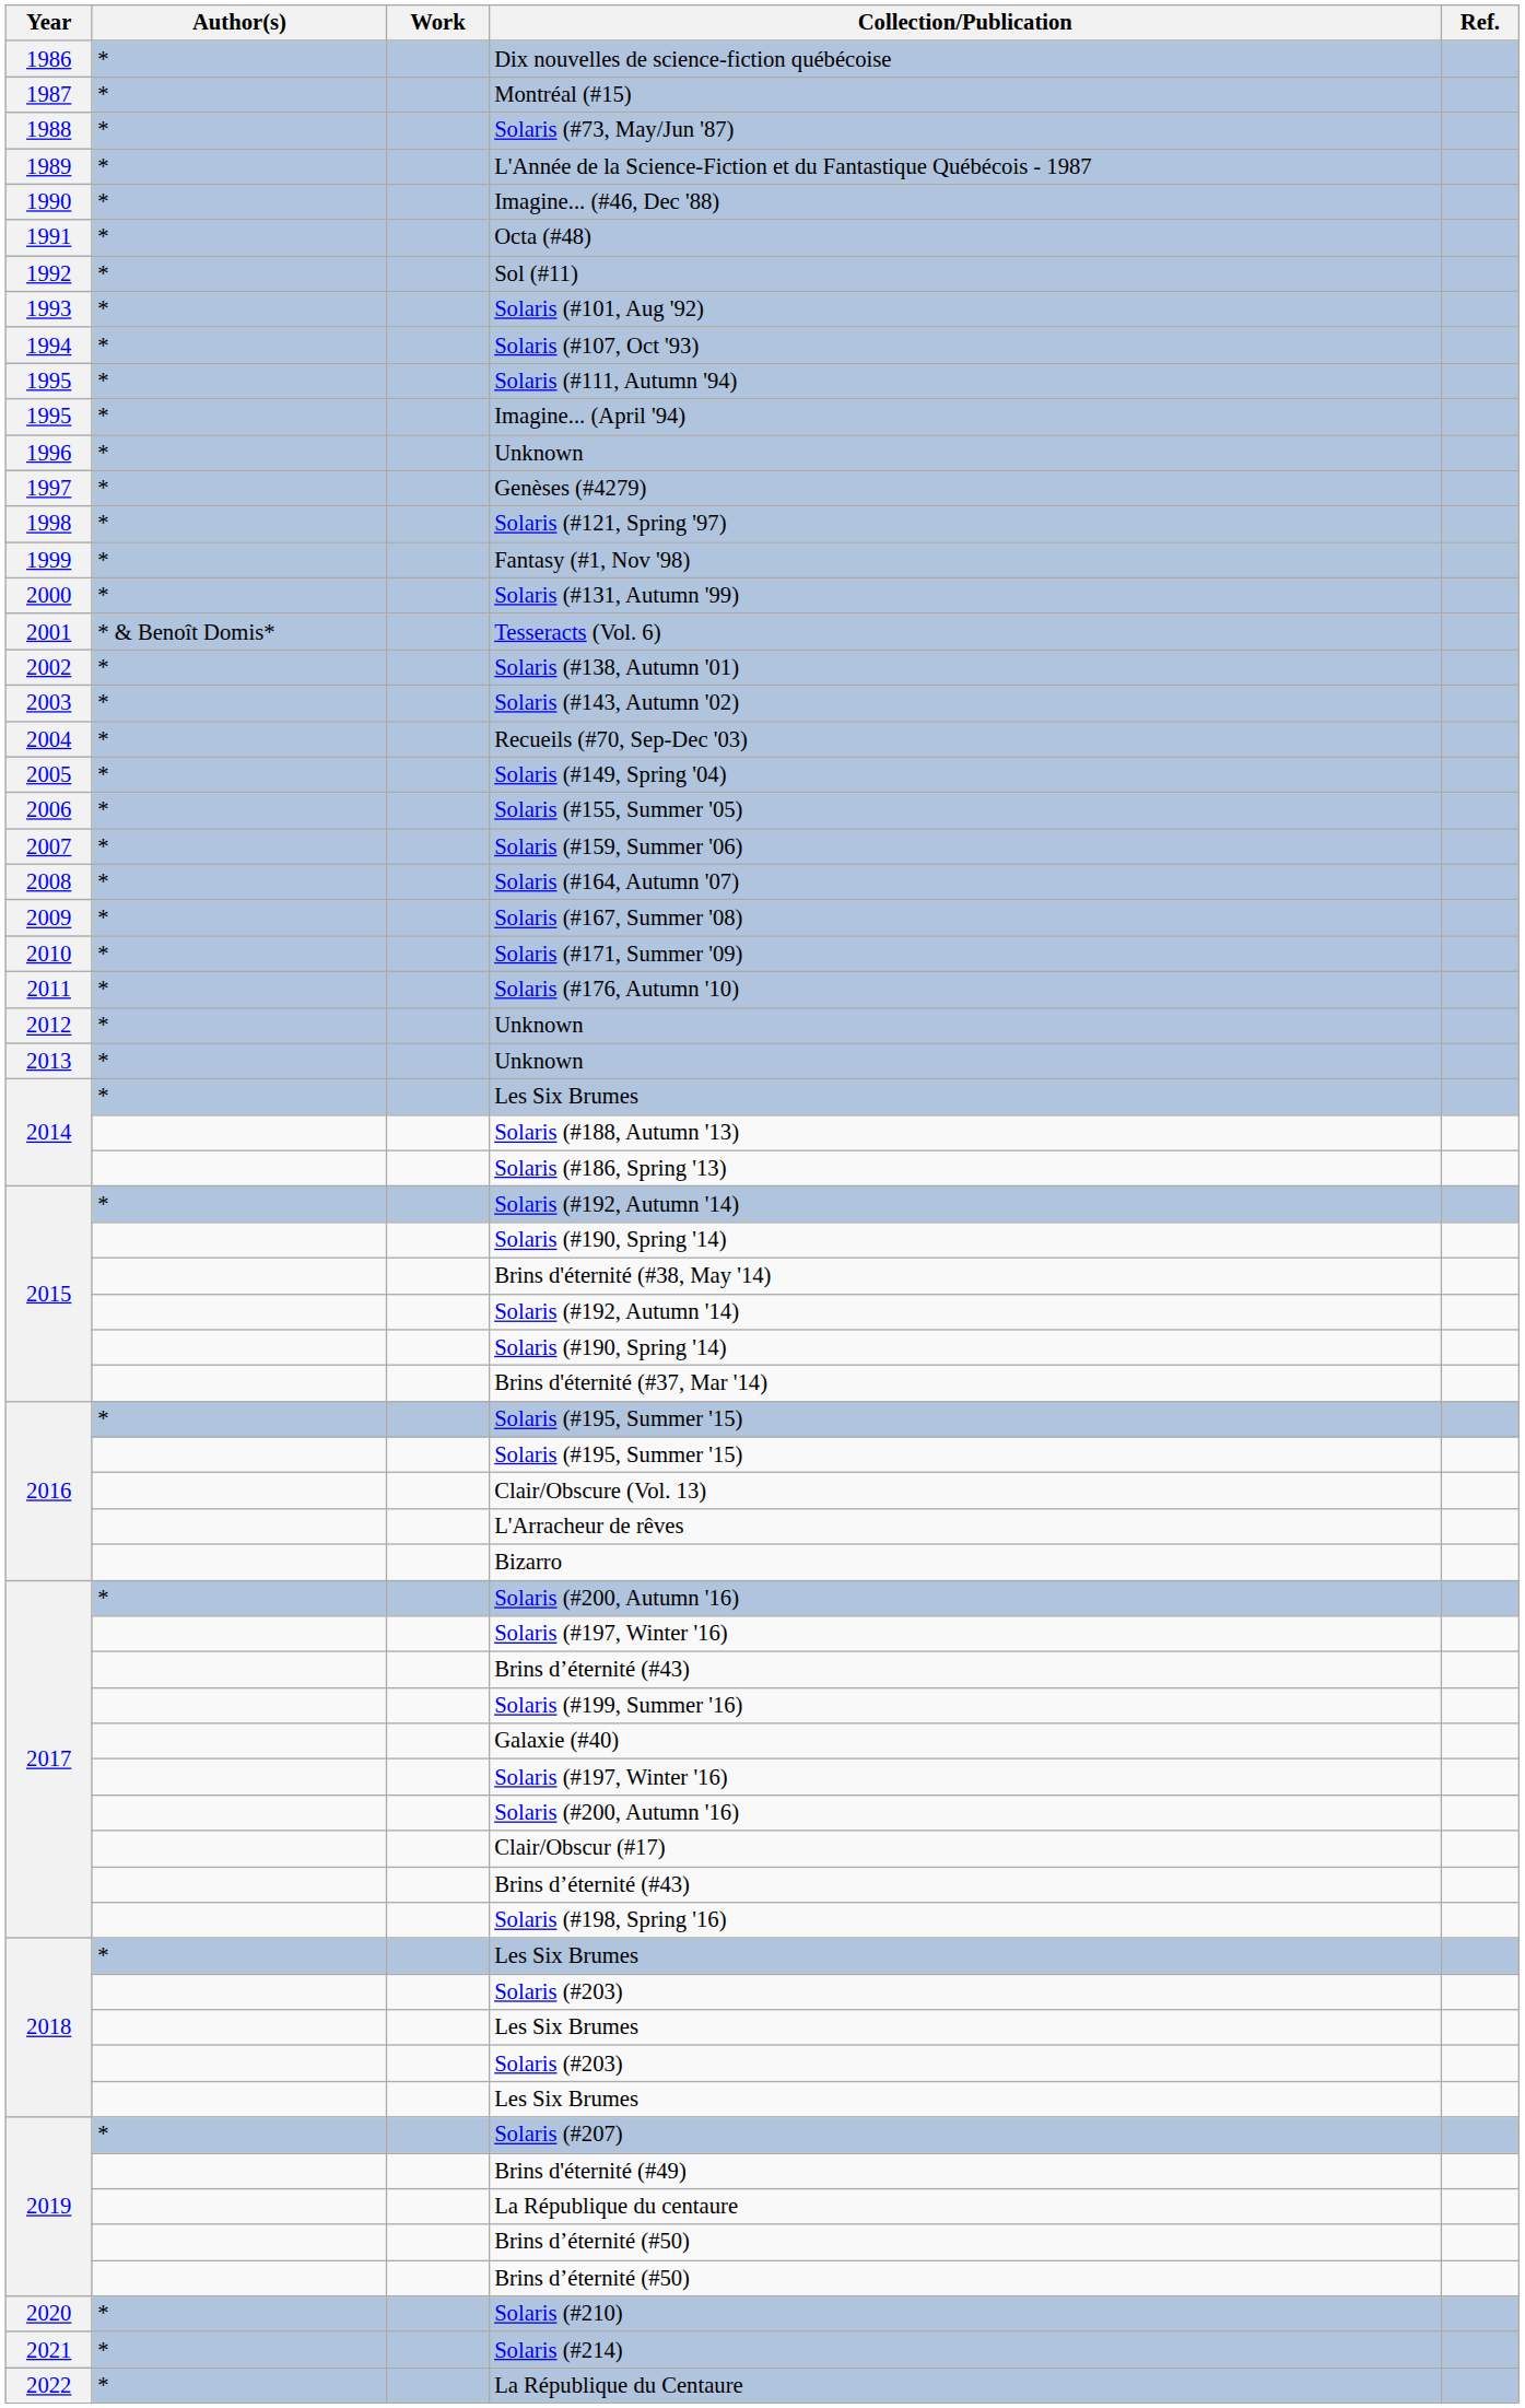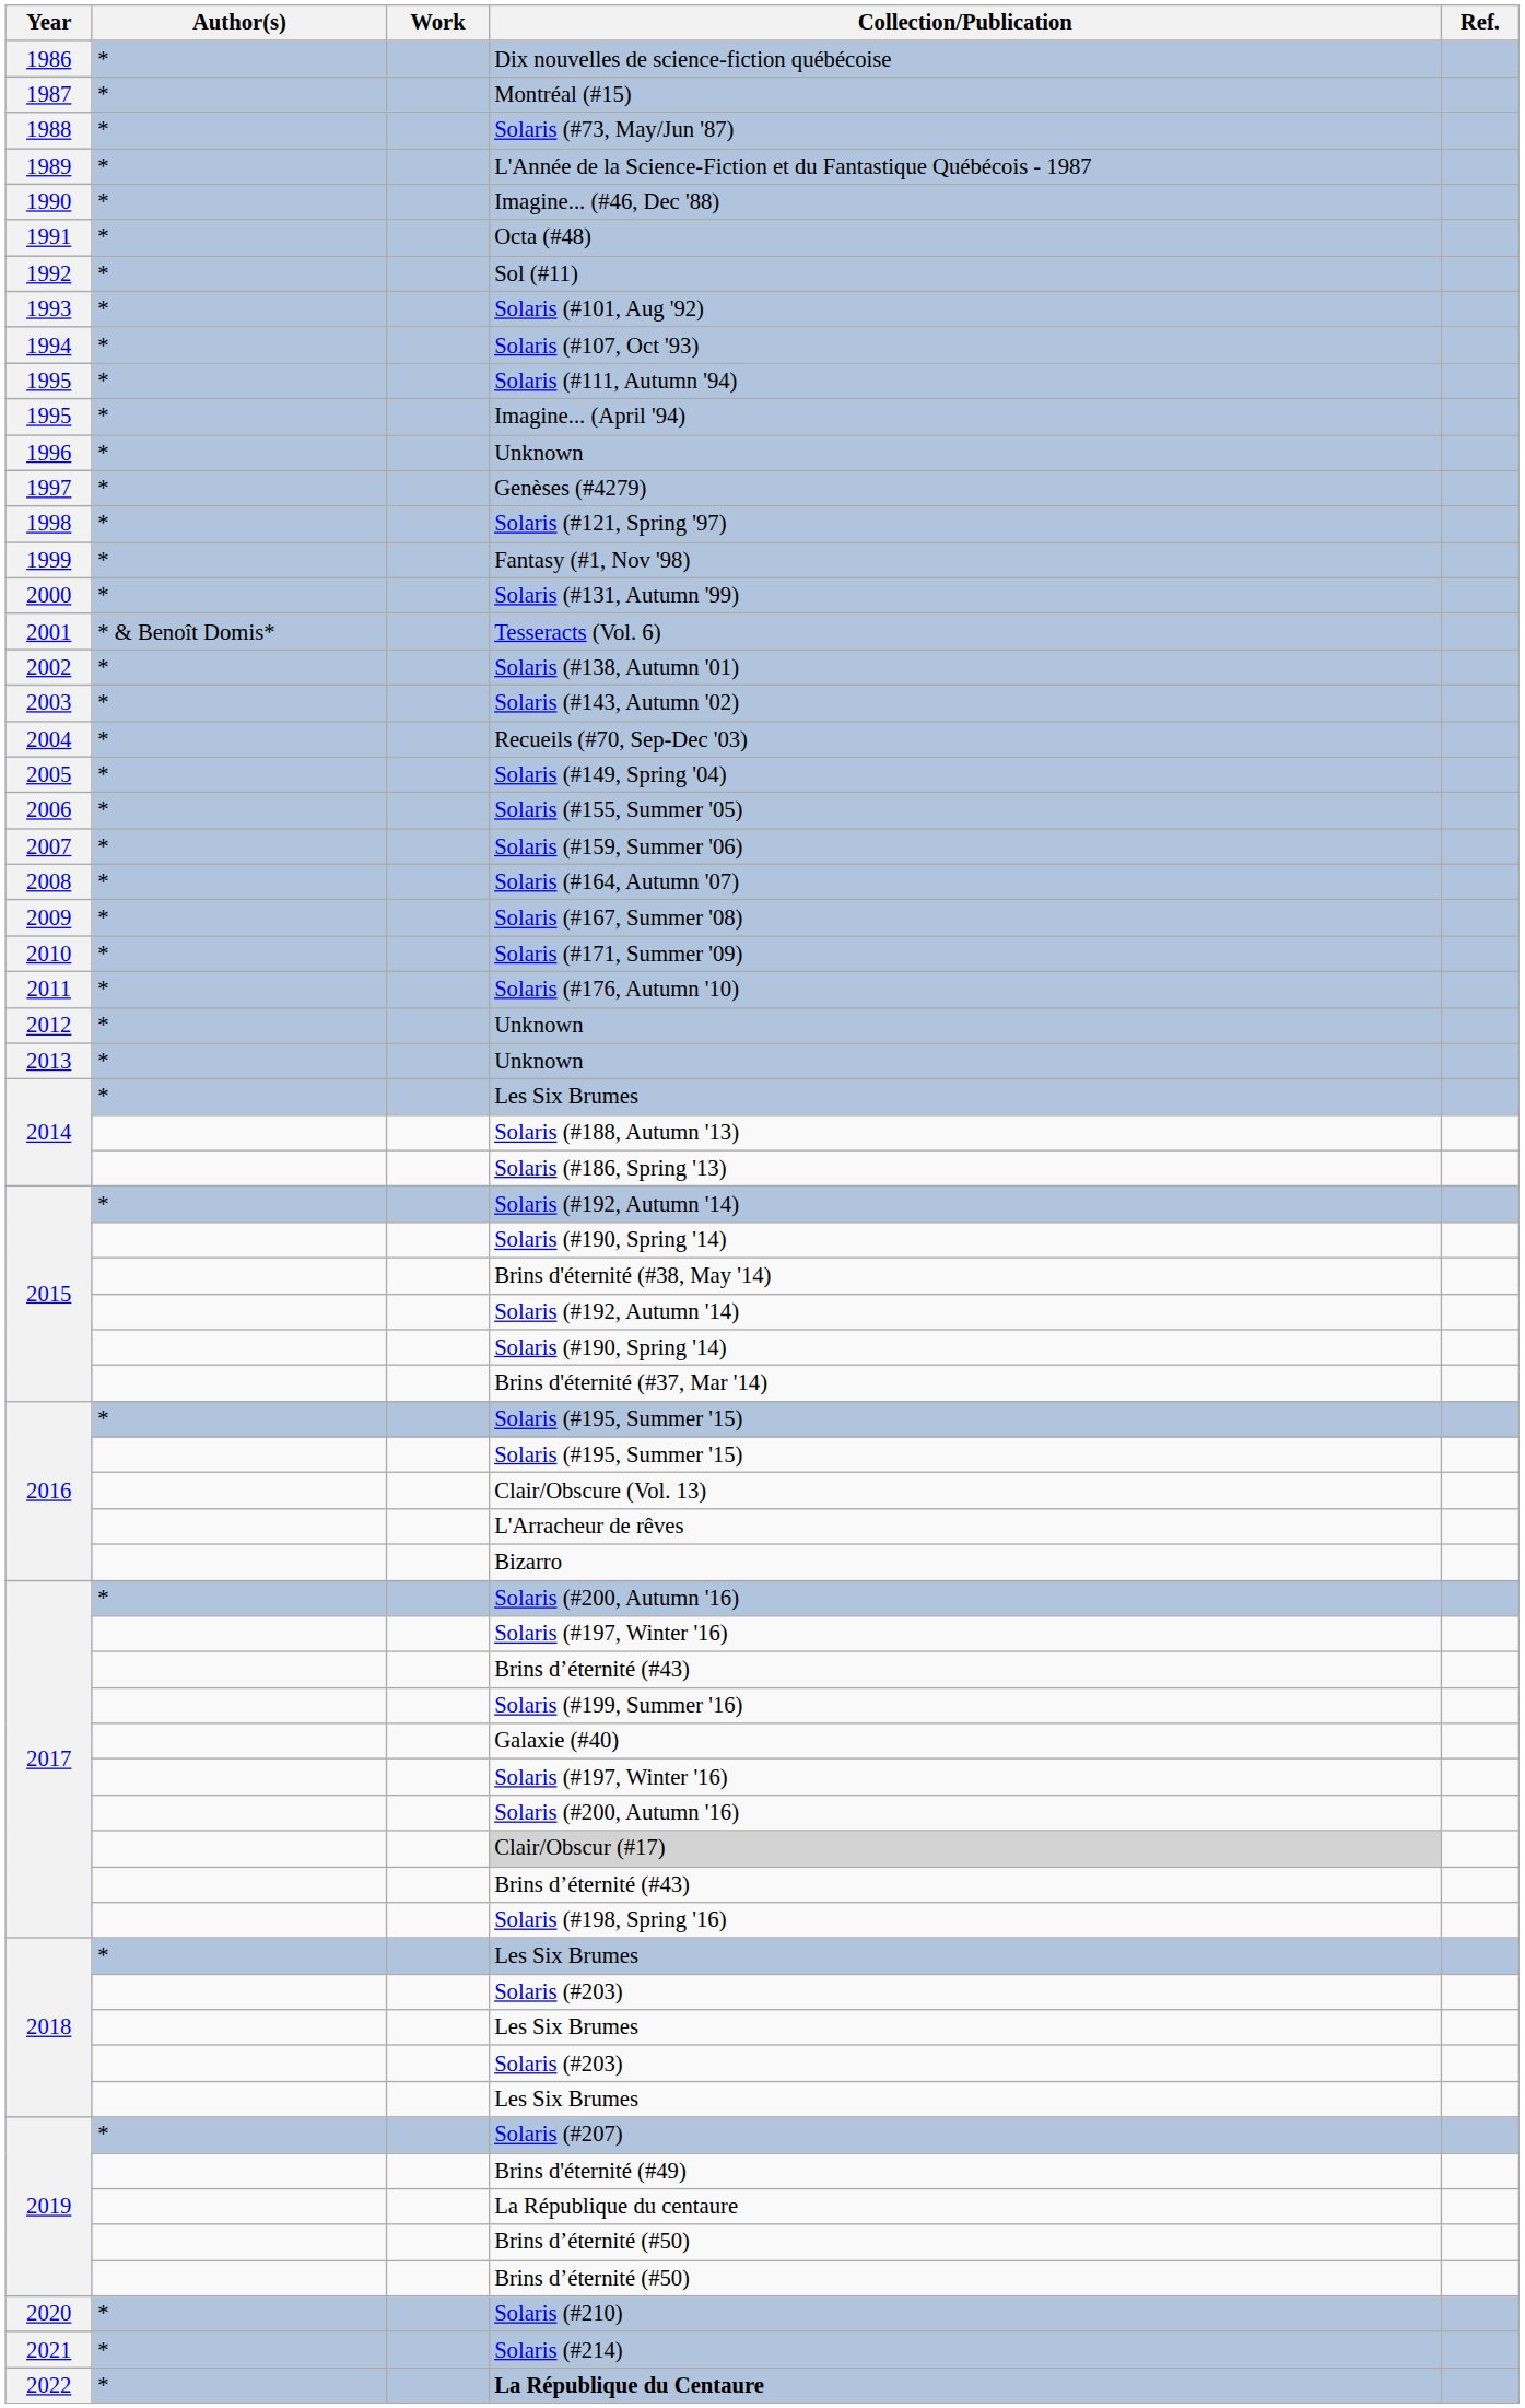 <table class="sortable wikitable" width="85%" cellpadding="5" style="margin: 1em auto 1em auto">
 <tr>
 <th scope="col">Year</th>
 <th scope="col">Author(s)</th>
 <th scope="col">Work</th>
 <th scope="col">Collection/Publication</th>
 <th class="unsortable">Ref.</th>
 </tr>
 <tr style="background:#B0C4DE;">
 <th scope="row" align="center" style="font-weight:normal;"><a href='#'>1986</a></th>
 <td>*</td>
 <td></td>
 <td>Dix nouvelles de science-fiction québécoise</td>
 <td align="center"></td>
 </tr>
 <tr style="background:#B0C4DE;">
 <th scope="row" align="center" style="font-weight:normal;"><a href='#'>1987</a></th>
 <td>*</td>
 <td></td>
 <td>Montréal (#15)</td>
 <td align="center"></td>
 </tr>
 <tr style="background:#B0C4DE;">
 <th scope="row" align="center" style="font-weight:normal;"><a href='#'>1988</a></th>
 <td>*</td>
 <td></td>
 <td><a href='#'>Solaris</a> (#73, May/Jun '87)</td>
 <td align="center"></td>
 </tr>
 <tr style="background:#B0C4DE;">
 <th scope="row" align="center" style="font-weight:normal;"><a href='#'>1989</a></th>
 <td>*</td>
 <td></td>
 <td>L'Année de la Science-Fiction et du Fantastique Québécois - 1987</td>
 <td align="center"></td>
 </tr>
 <tr style="background:#B0C4DE;">
 <th scope="row" align="center" style="font-weight:normal;"><a href='#'>1990</a></th>
 <td>*</td>
 <td></td>
 <td>Imagine... (#46, Dec '88)</td>
 <td align="center"></td>
 </tr>
 <tr style="background:#B0C4DE;">
 <th scope="row" align="center" style="font-weight:normal;"><a href='#'>1991</a></th>
 <td>*</td>
 <td></td>
 <td>Octa (#48)</td>
 <td align="center"></td>
 </tr>
 <tr style="background:#B0C4DE;">
 <th scope="row" align="center" style="font-weight:normal;"><a href='#'>1992</a></th>
 <td>*</td>
 <td></td>
 <td>Sol (#11)</td>
 <td align="center"></td>
 </tr>
 <tr style="background:#B0C4DE;">
 <th scope="row" align="center" style="font-weight:normal;"><a href='#'>1993</a></th>
 <td>*</td>
 <td></td>
 <td><a href='#'>Solaris</a> (#101, Aug '92)</td>
 <td align="center"></td>
 </tr>
 <tr style="background:#B0C4DE;">
 <th scope="row" align="center" style="font-weight:normal;"><a href='#'>1994</a></th>
 <td>*</td>
 <td></td>
 <td><a href='#'>Solaris</a> (#107, Oct '93)</td>
 <td align="center"></td>
 </tr>
 <tr style="background:#B0C4DE;">
 <th scope="row" align="center" style="font-weight:normal;"><a href='#'>1995</a></th>
 <td>*</td>
 <td></td>
 <td><a href='#'>Solaris</a> (#111, Autumn '94)</td>
 <td align="center"></td>
 </tr>
 <tr style="background:#B0C4DE;">
 <th scope="row" align="center" style="font-weight:normal;"><a href='#'>1995</a></th>
 <td>*</td>
 <td></td>
 <td>Imagine... (April '94)</td>
 <td align="center"></td>
 </tr>
 <tr style="background:#B0C4DE;">
 <th scope="row" align="center" style="font-weight:normal;"><a href='#'>1996</a></th>
 <td>*</td>
 <td></td>
 <td>Unknown</td>
 <td align="center"></td>
 </tr>
 <tr style="background:#B0C4DE;">
 <th scope="row" align="center" style="font-weight:normal;"><a href='#'>1997</a></th>
 <td>*</td>
 <td></td>
 <td>Genèses (#4279)</td>
 <td align="center"></td>
 </tr>
 <tr style="background:#B0C4DE;">
 <th scope="row" align="center" style="font-weight:normal;"><a href='#'>1998</a></th>
 <td>*</td>
 <td></td>
 <td><a href='#'>Solaris</a> (#121, Spring '97)</td>
 <td align="center"></td>
 </tr>
 <tr style="background:#B0C4DE;">
 <th scope="row" align="center" style="font-weight:normal;"><a href='#'>1999</a></th>
 <td>*</td>
 <td></td>
 <td>Fantasy (#1, Nov '98)</td>
 <td align="center"></td>
 </tr>
 <tr style="background:#B0C4DE;">
 <th scope="row" align="center" style="font-weight:normal;"><a href='#'>2000</a></th>
 <td>*</td>
 <td></td>
 <td><a href='#'>Solaris</a> (#131, Autumn '99)</td>
 <td align="center"></td>
 </tr>
 <tr style="background:#B0C4DE;">
 <th scope="row" align="center" style="font-weight:normal;"><a href='#'>2001</a></th>
 <td>* & Benoît Domis*</td>
 <td></td>
 <td><a href='#'>Tesseracts</a> (Vol. 6)</td>
 <td align="center"></td>
 </tr>
 <tr style="background:#B0C4DE;">
 <th scope="row" align="center" style="font-weight:normal;"><a href='#'>2002</a></th>
 <td>*</td>
 <td></td>
 <td><a href='#'>Solaris</a> (#138, Autumn '01)</td>
 <td align="center"></td>
 </tr>
 <tr style="background:#B0C4DE;">
 <th scope="row" align="center" style="font-weight:normal;"><a href='#'>2003</a></th>
 <td>*</td>
 <td></td>
 <td><a href='#'>Solaris</a> (#143, Autumn '02)</td>
 <td align="center"></td>
 </tr>
 <tr style="background:#B0C4DE;">
 <th scope="row" align="center" style="font-weight:normal;"><a href='#'>2004</a></th>
 <td>*</td>
 <td></td>
 <td>Recueils (#70, Sep-Dec '03)</td>
 <td align="center"></td>
 </tr>
 <tr style="background:#B0C4DE;">
 <th scope="row" align="center" style="font-weight:normal;"><a href='#'>2005</a></th>
 <td>*</td>
 <td></td>
 <td><a href='#'>Solaris</a> (#149, Spring '04)</td>
 <td align="center"></td>
 </tr>
 <tr style="background:#B0C4DE;">
 <th scope="row" align="center" style="font-weight:normal;"><a href='#'>2006</a></th>
 <td>*</td>
 <td></td>
 <td><a href='#'>Solaris</a> (#155, Summer '05)</td>
 <td align="center"></td>
 </tr>
 <tr style="background:#B0C4DE;">
 <th scope="row" align="center" style="font-weight:normal;"><a href='#'>2007</a></th>
 <td>*</td>
 <td></td>
 <td><a href='#'>Solaris</a> (#159, Summer '06)</td>
 <td align="center"></td>
 </tr>
 <tr style="background:#B0C4DE;">
 <th scope="row" align="center" style="font-weight:normal;"><a href='#'>2008</a></th>
 <td>*</td>
 <td></td>
 <td><a href='#'>Solaris</a> (#164, Autumn '07)</td>
 <td align="center"></td>
 </tr>
 <tr style="background:#B0C4DE;">
 <th scope="row" align="center" style="font-weight:normal;"><a href='#'>2009</a></th>
 <td>*</td>
 <td></td>
 <td><a href='#'>Solaris</a> (#167, Summer '08)</td>
 <td align="center"></td>
 </tr>
 <tr style="background:#B0C4DE;">
 <th scope="row" align="center" style="font-weight:normal;"><a href='#'>2010</a></th>
 <td>*</td>
 <td></td>
 <td><a href='#'>Solaris</a> (#171, Summer '09)</td>
 <td align="center"></td>
 </tr>
 <tr style="background:#B0C4DE;">
 <th scope="row" align="center" style="font-weight:normal;"><a href='#'>2011</a></th>
 <td>*</td>
 <td></td>
 <td><a href='#'>Solaris</a> (#176, Autumn '10)</td>
 <td align="center"></td>
 </tr>
 <tr style="background:#B0C4DE;">
 <th scope="row" align="center" style="font-weight:normal;"><a href='#'>2012</a></th>
 <td>*</td>
 <td></td>
 <td>Unknown</td>
 <td align="center"></td>
 </tr>
 <tr style="background:#B0C4DE;">
 <th scope="row" align="center" style="font-weight:normal;"><a href='#'>2013</a></th>
 <td>*</td>
 <td></td>
 <td>Unknown</td>
 <td align="center"></td>
 </tr>
 <tr style="background:#B0C4DE;">
 <th rowspan="3" scope="row" align="center" style="font-weight:normal;"><a href='#'>2014</a></th>
 <td>*</td>
 <td></td>
 <td>Les Six Brumes</td>
 <td align="center"></td>
 </tr>
 <tr>
 <td></td>
 <td></td>
 <td><a href='#'>Solaris</a> (#188, Autumn '13)</td>
 <td align="center"></td>
 </tr>
 <tr>
 <td></td>
 <td></td>
 <td><a href='#'>Solaris</a> (#186, Spring '13)</td>
 <td align="center"></td>
 </tr>
 <tr style="background:#B0C4DE;">
 <th rowspan="6" scope="row" align="center" style="font-weight:normal;"><a href='#'>2015</a></th>
 <td>*</td>
 <td></td>
 <td><a href='#'>Solaris</a> (#192, Autumn '14)</td>
 <td align="center"></td>
 </tr>
 <tr>
 <td></td>
 <td></td>
 <td><a href='#'>Solaris</a> (#190, Spring '14)</td>
 <td align="center"></td>
 </tr>
 <tr>
 <td></td>
 <td></td>
 <td>Brins d'éternité (#38, May '14)</td>
 <td align="center"></td>
 </tr>
 <tr>
 <td></td>
 <td></td>
 <td><a href='#'>Solaris</a> (#192, Autumn '14)</td>
 <td align="center"></td>
 </tr>
 <tr>
 <td></td>
 <td></td>
 <td><a href='#'>Solaris</a> (#190, Spring '14)</td>
 <td align="center"></td>
 </tr>
 <tr>
 <td></td>
 <td></td>
 <td>Brins d'éternité (#37, Mar '14)</td>
 <td align="center"></td>
 </tr>
 <tr style="background:#B0C4DE;">
 <th rowspan="5" scope="row" align="center" style="font-weight:normal;"><a href='#'>2016</a></th>
 <td>*</td>
 <td></td>
 <td><a href='#'>Solaris</a> (#195, Summer '15)</td>
 <td align="center"></td>
 </tr>
 <tr>
 <td></td>
 <td></td>
 <td><a href='#'>Solaris</a> (#195, Summer '15)</td>
 <td align="center"></td>
 </tr>
 <tr>
 <td></td>
 <td></td>
 <td>Clair/Obscure (Vol. 13)</td>
 <td align="center"></td>
 </tr>
 <tr>
 <td></td>
 <td></td>
 <td>L'Arracheur de rêves</td>
 <td align="center"></td>
 </tr>
 <tr>
 <td></td>
 <td></td>
 <td>Bizarro</td>
 <td align="center"></td>
 </tr>
 <tr style="background:#B0C4DE;">
 <th rowspan="10" scope="row" align="center" style="font-weight:normal;"><a href='#'>2017</a></th>
 <td>*</td>
 <td></td>
 <td><a href='#'>Solaris</a> (#200, Autumn '16)</td>
 <td align="center"></td>
 </tr>
 <tr>
 <td></td>
 <td></td>
 <td><a href='#'>Solaris</a> (#197, Winter '16)</td>
 <td align="center"></td>
 </tr>
 <tr>
 <td></td>
 <td></td>
 <td>Brins d’éternité (#43)</td>
 <td align="center"></td>
 </tr>
 <tr>
 <td></td>
 <td></td>
 <td><a href='#'>Solaris</a> (#199, Summer '16)</td>
 <td align="center"></td>
 </tr>
 <tr>
 <td></td>
 <td></td>
 <td>Galaxie (#40)</td>
 <td align="center"></td>
 </tr>
 <tr>
 <td></td>
 <td></td>
 <td><a href='#'>Solaris</a> (#197, Winter '16)</td>
 <td align="center"></td>
 </tr>
 <tr>
 <td></td>
 <td></td>
 <td><a href='#'>Solaris</a> (#200, Autumn '16)</td>
 <td align="center"></td>
 </tr>
 <tr>
 <td></td>
 <td></td>
-<td>Clair/Obscur (#17)</td>
+<td style="background: lightgrey;">Clair/Obscur (#17)</td>
 <td align="center"></td>
 </tr>
 <tr>
 <td></td>
 <td></td>
 <td>Brins d’éternité (#43)</td>
 <td align="center"></td>
 </tr>
 <tr>
 <td></td>
 <td></td>
 <td><a href='#'>Solaris</a> (#198, Spring '16)</td>
 <td align="center"></td>
 </tr>
 <tr style="background:#B0C4DE;">
 <th rowspan="5" scope="row" align="center" style="font-weight:normal;"><a href='#'>2018</a></th>
 <td>*</td>
 <td></td>
 <td>Les Six Brumes</td>
 <td align="center"></td>
 </tr>
 <tr>
 <td></td>
 <td></td>
 <td><a href='#'>Solaris</a> (#203)</td>
 <td align="center"></td>
 </tr>
 <tr>
 <td></td>
 <td></td>
 <td>Les Six Brumes</td>
 <td align="center"></td>
 </tr>
 <tr>
 <td></td>
 <td></td>
 <td><a href='#'>Solaris</a> (#203)</td>
 <td align="center"></td>
 </tr>
 <tr>
 <td></td>
 <td></td>
 <td>Les Six Brumes</td>
 <td align="center"></td>
 </tr>
 <tr style="background:#B0C4DE;">
 <th rowspan="5" scope="row" align="center" style="font-weight:normal;"><a href='#'>2019</a></th>
 <td>*</td>
 <td></td>
 <td><a href='#'>Solaris</a> (#207)</td>
 <td align="center"></td>
 </tr>
 <tr>
 <td></td>
 <td></td>
 <td>Brins d'éternité (#49)</td>
 <td align="center"></td>
 </tr>
 <tr>
 <td></td>
 <td></td>
 <td>La République du centaure</td>
 <td align="center"></td>
 </tr>
 <tr>
 <td></td>
 <td></td>
 <td>Brins d’éternité (#50)</td>
 <td align="center"></td>
 </tr>
 <tr>
 <td></td>
 <td></td>
 <td>Brins d’éternité (#50)</td>
 <td align="center"></td>
 </tr>
 <tr style="background:#B0C4DE;">
 <th rowspan="1" scope="row" align="center" style="font-weight:normal;"><a href='#'>2020</a></th>
 <td>*</td>
 <td></td>
 <td><a href='#'>Solaris</a> (#210)</td>
 <td align="center"></td>
 </tr>
 <tr style="background:#B0C4DE;">
 <th rowspan="1" scope="row" align="center" style="font-weight:normal;"><a href='#'>2021</a></th>
 <td>*</td>
 <td></td>
 <td><a href='#'>Solaris</a> (#214)</td>
 <td align="center"></td>
 </tr>
 <tr style="background:#B0C4DE;">
 <th rowspan="1" scope="row" align="center" style="font-weight:normal;"><a href='#'>2022</a></th>
 <td>*</td>
 <td></td>
-<td>La République du Centaure</td>
+<td><strong>La République du Centaure</strong></td>
 <td align="center"></td>
 </tr>
 </table>
